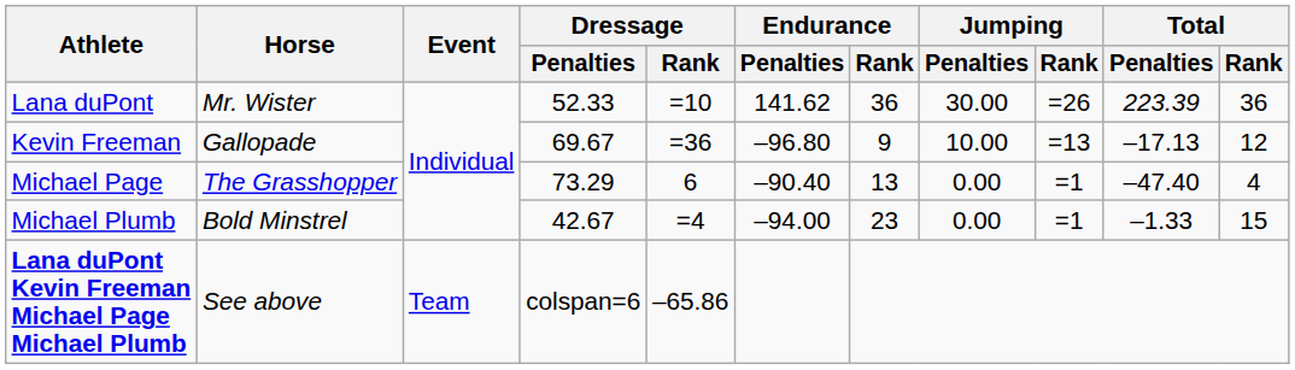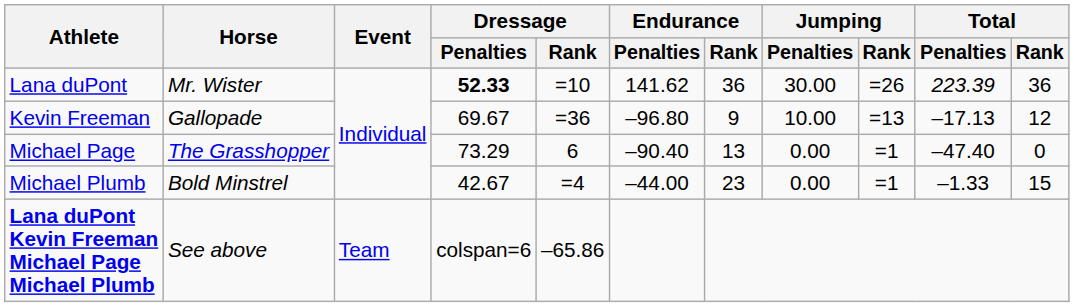 <table class=wikitable style=font-size:90%;text-align:center>
 <tr>
 <th rowspan=2>Athlete</th>
 <th rowspan=2>Horse</th>
 <th rowspan=2>Event</th>
 <th colspan=2>Dressage</th>
 <th colspan=2>Endurance</th>
 <th colspan=2>Jumping</th>
 <th colspan=2>Total</th>
 </tr>
 <tr style=font-size:95%>
 <th>Penalties</th>
 <th>Rank</th>
 <th>Penalties</th>
 <th>Rank</th>
 <th>Penalties</th>
 <th>Rank</th>
 <th>Penalties</th>
 <th>Rank</th>
 </tr>
 <tr>
 <td align=left><a href='#'>Lana duPont</a></td>
 <td align=left><em>Mr. Wister</em></td>
 <td align=left rowspan=4><a href='#'>Individual</a></td>
-<td>52.33</td>
+<td><strong>52.33</strong></td>
 <td>=10</td>
 <td>141.62</td>
 <td>36</td>
 <td>30.00</td>
 <td>=26</td>
 <td><em>223.39</em></td>
 <td>36</td>
 </tr>
 <tr>
 <td align=left><a href='#'>Kevin Freeman</a></td>
 <td align=left><em>Gallopade</em></td>
 <td>69.67</td>
 <td>=36</td>
 <td>–96.80</td>
 <td>9</td>
 <td>10.00</td>
 <td>=13</td>
 <td>–17.13</td>
 <td>12</td>
 </tr>
 <tr>
 <td align=left><a href='#'>Michael Page</a></td>
 <td align=left><em><a href='#'>The Grasshopper</a></em></td>
 <td>73.29</td>
 <td>6</td>
 <td>–90.40</td>
 <td>13</td>
 <td>0.00</td>
 <td>=1</td>
 <td>–47.40</td>
-<td>4</td>
+<td>0</td>
 </tr>
 <tr>
 <td align=left><a href='#'>Michael Plumb</a></td>
 <td align=left><em>Bold Minstrel</em></td>
 <td>42.67</td>
 <td>=4</td>
-<td>–94.00</td>
+<td>–44.00</td>
 <td>23</td>
 <td>0.00</td>
 <td>=1</td>
 <td>–1.33</td>
 <td>15</td>
 </tr>
 <tr>
 <td align=left><strong><a href='#'>Lana duPont</a><br><a href='#'>Kevin Freeman</a><br><a href='#'>Michael Page</a><br><a href='#'>Michael Plumb</a></strong></td>
 <td align=left><em>See above</em></td>
 <td align=left><a href='#'>Team</a></td>
 <td>colspan=6 </td>
 <td>–65.86</td>
 <td></td>
 </tr>
 </table>
